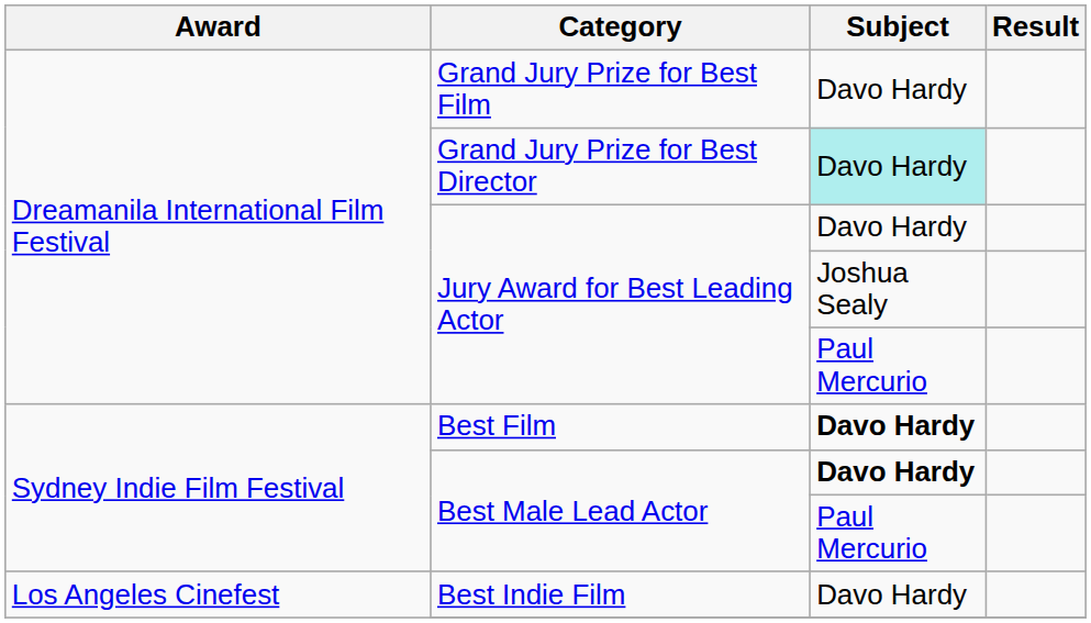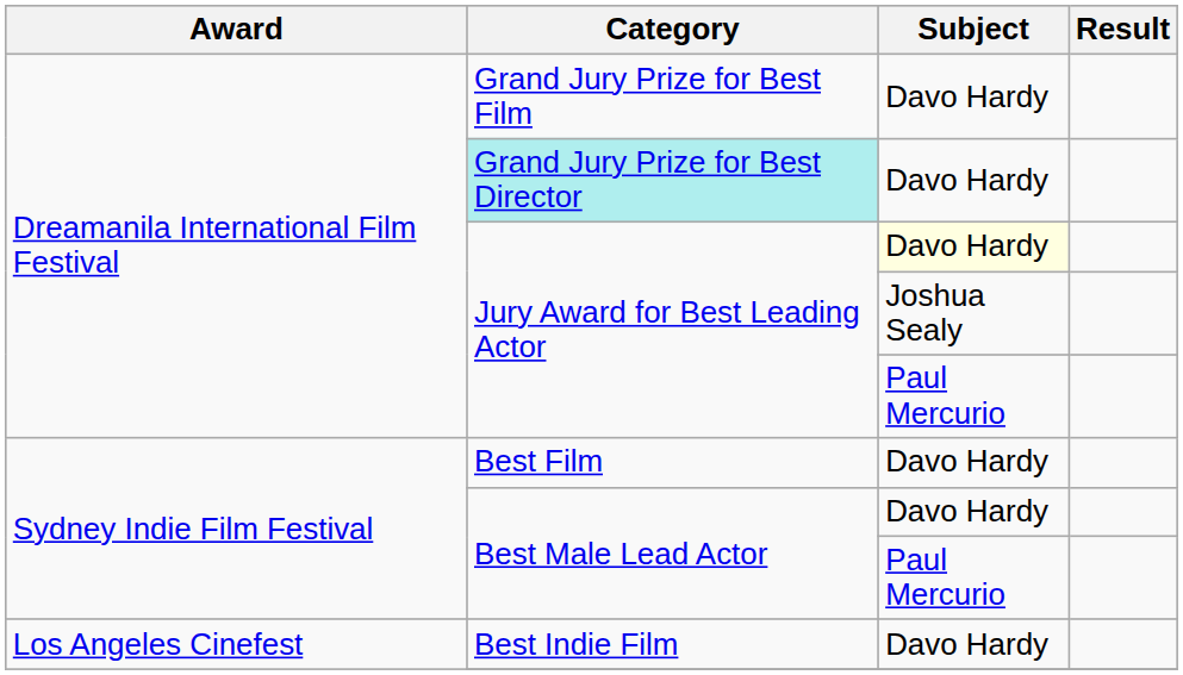 <table class="wikitable">
 <tr>
 <th>Award</th>
 <th>Category</th>
 <th>Subject</th>
 <th>Result</th>
 </tr>
 <tr>
 <td rowspan=5><a href='#'>Dreamanila International Film Festival</a><br></td>
 <td><a href='#'>Grand Jury Prize for Best Film</a></td>
 <td>Davo Hardy</td>
 <td></td>
 </tr>
 <tr>
-<td rowspan=1><a href='#'>Grand Jury Prize for Best Director</a></td>
-<td style="background: paleturquoise;">Davo Hardy</td>
+<td rowspan=1 style="background: paleturquoise;"><a href='#'>Grand Jury Prize for Best Director</a></td>
+<td>Davo Hardy</td>
 <td></td>
 </tr>
 <tr>
 <td rowspan=3><a href='#'>Jury Award for Best Leading Actor</a></td>
-<td>Davo Hardy</td>
+<td style="background: lightyellow;">Davo Hardy</td>
 <td></td>
 </tr>
 <tr>
 <td>Joshua Sealy</td>
 <td></td>
 </tr>
 <tr>
 <td><a href='#'>Paul Mercurio</a></td>
 <td></td>
 </tr>
 <tr>
 <td rowspan=3><a href='#'>Sydney Indie Film Festival</a><br></td>
 <td><a href='#'>Best Film</a></td>
-<td><strong>Davo Hardy</strong></td>
+<td>Davo Hardy</td>
 <td></td>
 </tr>
 <tr>
 <td rowspan=2><a href='#'>Best Male Lead Actor</a></td>
-<td><strong>Davo Hardy</strong></td>
+<td>Davo Hardy</td>
 <td></td>
 </tr>
 <tr>
 <td><a href='#'>Paul Mercurio</a></td>
 <td></td>
 </tr>
 <tr>
 <td rowspan=3><a href='#'>Los Angeles Cinefest</a><br></td>
 <td><a href='#'>Best Indie Film</a><br></td>
 <td>Davo Hardy</td>
 <td></td>
 </tr>
 <tr>
 </tr>
 </table>
